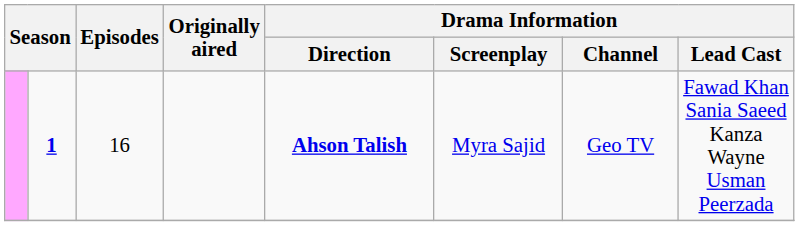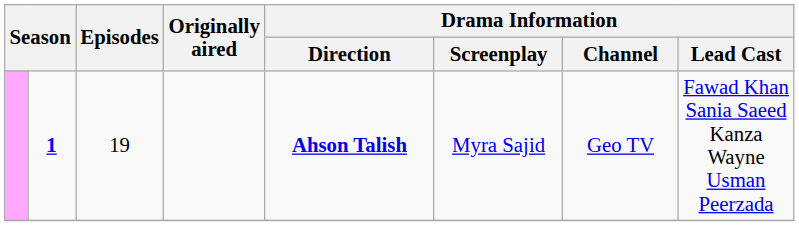 <table class="wikitable" |->
 <tr>
 <th colspan="2" rowspan="2" align="center">Season</th>
 <th align="center" rowspan="2">Episodes</th>
 <th align="center" rowspan="2">Originally aired</th>
 <th colspan="4" align="center">Drama Information</th>
 </tr>
 <tr>
 <th width="35%">Direction</th>
 <th width="20%">Screenplay</th>
 <th width="20%">Channel</th>
 <th width="20%">Lead Cast</th>
 </tr>
 <tr>
 <td bgcolor="#FFA8FF" height="10px"></td>
 <td align="center"><strong><a href='#'>1</a></strong></td>
-<td align="center">16</td>
+<td align="center">19</td>
 <td align="center"></td>
 <td align="center"><strong><a href='#'>Ahson Talish</a></strong></td>
 <td align="center"><a href='#'>Myra Sajid</a></td>
 <td align="center"><a href='#'>Geo TV</a></td>
 <td align="center"><a href='#'>Fawad Khan</a><br><a href='#'>Sania Saeed</a><br>Kanza Wayne<br><a href='#'>Usman Peerzada</a></td>
 </tr>
 <tr>
 </tr>
 </table>
